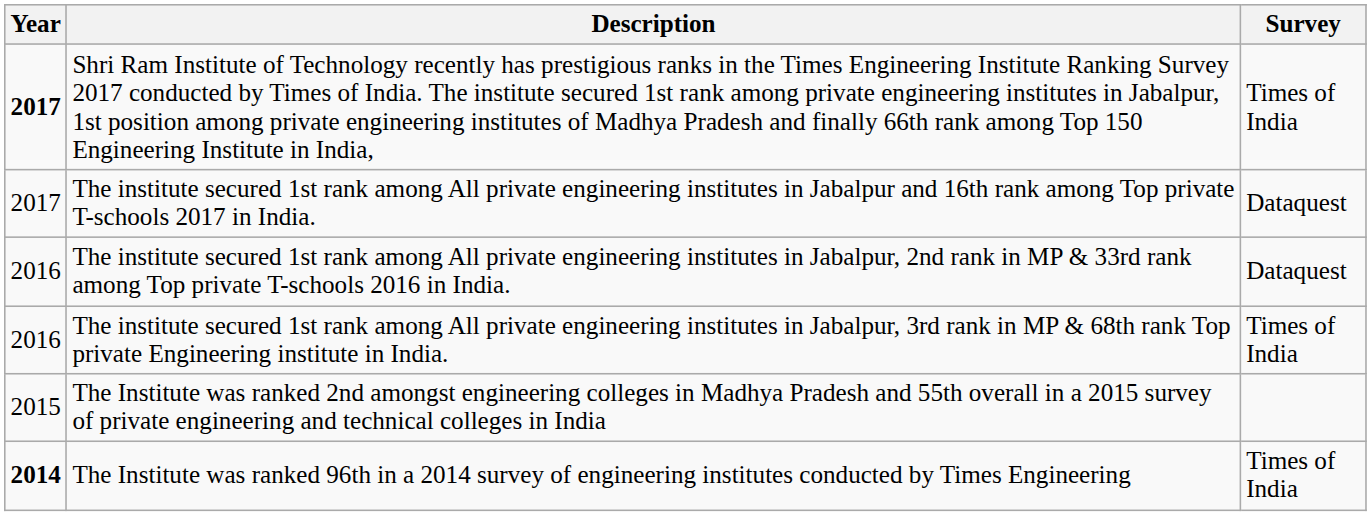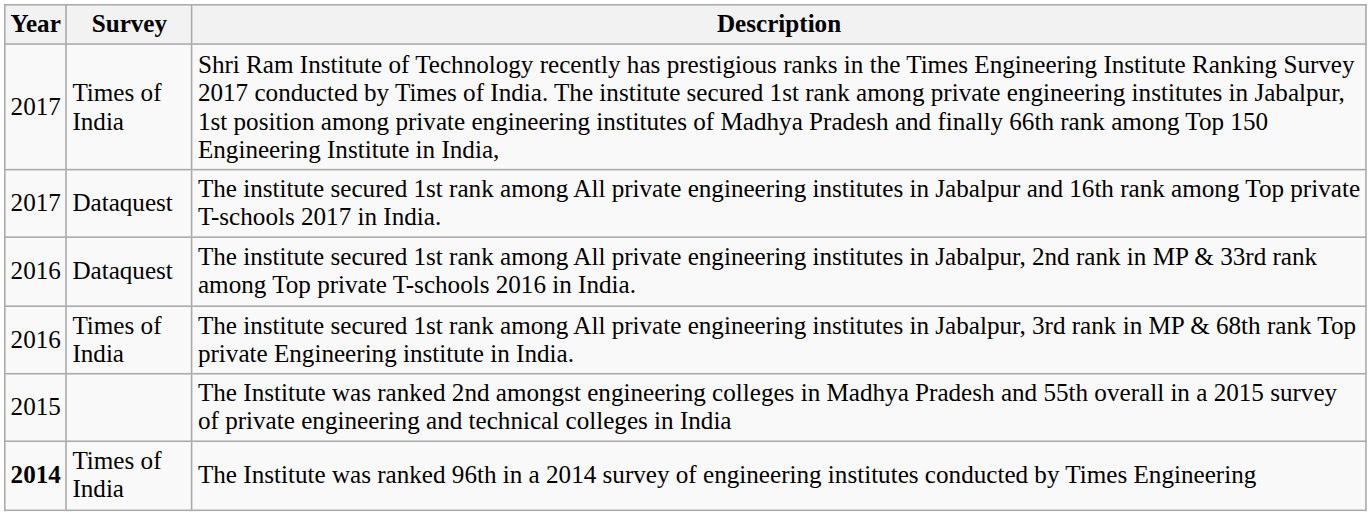 <table class="wikitable">
 <tr>
 <th>Year</th>
+<th>Survey</th>
 <th>Description</th>
-<th>Survey</th>
-</tr>
-<tr>
-<td><strong>2017</strong></td>
-<td>Shri Ram Institute of Technology recently has prestigious ranks in the Times Engineering Institute Ranking Survey 2017 conducted by Times of India. The institute secured 1st rank among private engineering institutes in Jabalpur, 1st position among private engineering institutes of Madhya Pradesh and finally 66th rank among Top 150 Engineering Institute in India,</td>
-<td>Times of India </td>
 </tr>
 <tr>
 <td>2017</td>
+<td>Times of India </td>
+<td>Shri Ram Institute of Technology recently has prestigious ranks in the Times Engineering Institute Ranking Survey 2017 conducted by Times of India. The institute secured 1st rank among private engineering institutes in Jabalpur, 1st position among private engineering institutes of Madhya Pradesh and finally 66th rank among Top 150 Engineering Institute in India,</td>
+</tr>
+<tr>
+<td>2017</td>
+<td>Dataquest</td>
 <td>The institute secured 1st rank among All private engineering institutes in Jabalpur and 16th rank among Top private T-schools 2017 in India.</td>
-<td>Dataquest</td>
 </tr>
 <tr>
 <td>2016</td>
+<td>Dataquest</td>
 <td>The institute secured 1st rank among All private engineering institutes in Jabalpur, 2nd rank in MP & 33rd rank among Top private T-schools 2016 in India.</td>
-<td>Dataquest</td>
 </tr>
 <tr>
 <td>2016</td>
+<td>Times of India</td>
 <td>The institute secured 1st rank among All private engineering institutes in Jabalpur, 3rd  rank in MP & 68th rank  Top private Engineering institute in India.</td>
-<td>Times of India</td>
 </tr>
 <tr>
 <td>2015</td>
+<td></td>
 <td>The Institute was ranked 2nd amongst engineering colleges in Madhya Pradesh and 55th overall in a 2015 survey of private engineering and technical colleges in India</td>
-<td></td>
 </tr>
 <tr>
 <td><strong>2014</strong></td>
+<td>Times of India</td>
 <td>The Institute was ranked 96th in a 2014 survey of engineering institutes conducted by Times Engineering</td>
-<td>Times of India</td>
 </tr>
 </table>
